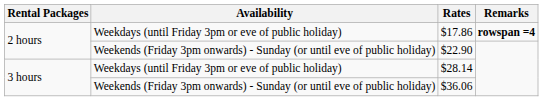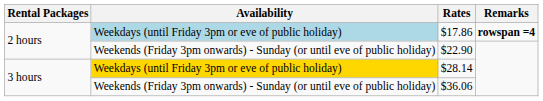 <table class="wikitable" style="margin: 1em auto 1em auto">
 <tr>
 <th>Rental Packages</th>
 <th>Availability</th>
 <th>Rates</th>
 <th>Remarks</th>
 </tr>
 <tr>
 <td rowspan=2>2 hours</td>
-<td>Weekdays (until Friday 3pm or eve of public holiday)</td>
+<td style="background: lightblue;">Weekdays (until Friday 3pm or eve of public holiday)</td>
 <td>$17.86</td>
 <td><strong>rowspan =4 </strong></td>
 </tr>
 <tr>
 <td>Weekends (Friday 3pm onwards) - Sunday (or until eve of public holiday)</td>
 <td>$22.90</td>
 </tr>
 <tr>
 <td rowspan=2>3 hours</td>
-<td>Weekdays (until Friday 3pm or eve of public holiday)</td>
+<td style="background: gold;">Weekdays (until Friday 3pm or eve of public holiday)</td>
 <td>$28.14</td>
 </tr>
 <tr>
 <td>Weekends (Friday 3pm onwards) - Sunday (or until eve of public holiday)</td>
 <td>$36.06</td>
 </tr>
 </table>
